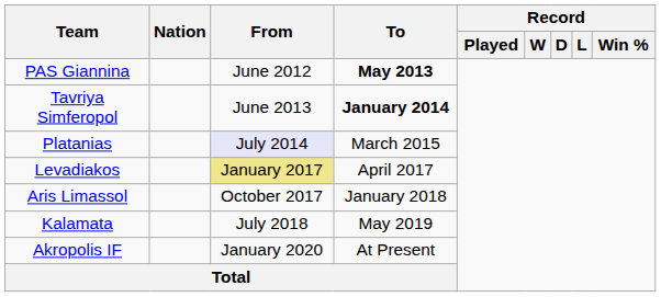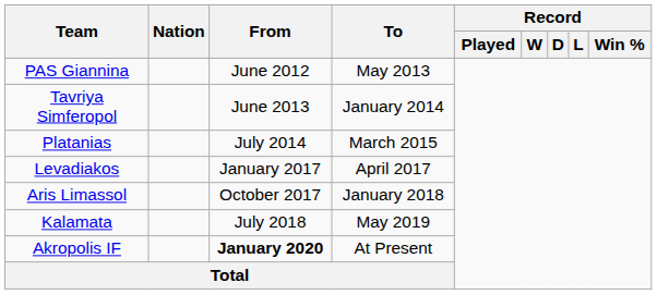 <table class="wikitable" style="text-align: center;">
 <tr>
 <th rowspan="2" width="130">Team</th>
 <th rowspan="2" width="30">Nation</th>
 <th rowspan="2" width="110">From</th>
 <th rowspan="2" width="110">To</th>
 <th colspan="5" width="180">Record</th>
 </tr>
 <tr>
 <th>Played</th>
 <th>W</th>
 <th>D</th>
 <th>L</th>
 <th>Win %</th>
 </tr>
 <tr>
 <td align=center><a href='#'>PAS Giannina</a></td>
 <td></td>
 <td align=center>June 2012</td>
-<td align=center><strong>May 2013<br></strong></td>
+<td align=center>May 2013<br></td>
 </tr>
 <tr>
 <td align=center><a href='#'>Tavriya Simferopol</a></td>
 <td></td>
 <td align=center>June 2013</td>
-<td align=center><strong>January 2014<br></strong></td>
+<td align=center>January 2014<br></td>
 </tr>
 <tr>
 <td align=center><a href='#'>Platanias</a></td>
 <td></td>
-<td align=center style="background: lavender;">July 2014</td>
+<td align=center>July 2014</td>
 <td align=center>March 2015<br></td>
 </tr>
 <tr>
 <td align=center><a href='#'>Levadiakos</a></td>
 <td></td>
-<td align=center style="background: khaki;">January 2017</td>
+<td align=center>January 2017</td>
 <td align=center>April 2017<br></td>
 </tr>
 <tr>
 <td align=center><a href='#'>Aris Limassol</a></td>
 <td></td>
 <td align=center>October 2017</td>
 <td align=center>January 2018<br></td>
 </tr>
 <tr>
 <td align=center><a href='#'>Kalamata</a></td>
 <td></td>
 <td align=center>July 2018</td>
 <td align=center>May 2019<br></td>
 </tr>
 <tr>
 <td align=center><a href='#'>Akropolis IF</a></td>
 <td></td>
-<td align=center>January 2020</td>
+<td align=center><strong>January 2020</strong></td>
 <td align=center>At Present<br></td>
 </tr>
 <tr>
 <th colspan="4">Total<br></th>
 </tr>
 </table>
